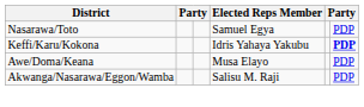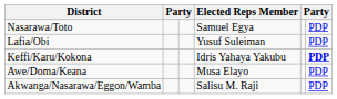 <table class="sortable wikitable" style="font-size:95%;line-height:14px;">
 <tr>
 <th class="unsortable">District</th>
 <th colspan="2">Party</th>
 <th class="unsortable">Elected Reps Member</th>
 <th colspan="2">Party</th>
 </tr>
 <tr>
 <td>Nasarawa/Toto</td>
 <td></td>
 <td></td>
 <td>Samuel Egya</td>
+<td style="background:"></td>
+<td><a href='#'>PDP</a></td>
+</tr>
+<tr>
+<td>Lafia/Obi</td>
+<td></td>
+<td></td>
+<td>Yusuf Suleiman</td>
 <td style="background:"></td>
 <td><a href='#'>PDP</a></td>
 </tr>
 <tr>
 <td>Keffi/Karu/Kokona</td>
 <td></td>
 <td></td>
 <td>Idris Yahaya Yakubu</td>
 <td style="background:"></td>
 <td><strong><a href='#'>PDP</a></strong></td>
 </tr>
 <tr>
 <td>Awe/Doma/Keana</td>
 <td></td>
 <td></td>
 <td>Musa Elayo</td>
 <td style="background:"></td>
 <td><a href='#'>PDP</a></td>
 </tr>
 <tr>
 <td>Akwanga/Nasarawa/Eggon/Wamba</td>
 <td></td>
 <td></td>
 <td>Salisu M. Raji</td>
 <td style="background:"></td>
 <td><a href='#'>PDP</a></td>
 </tr>
 </table>
